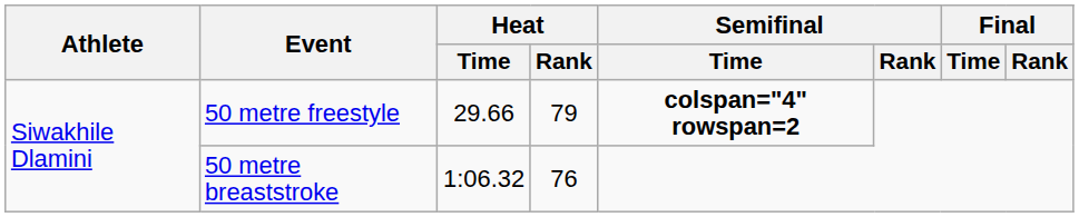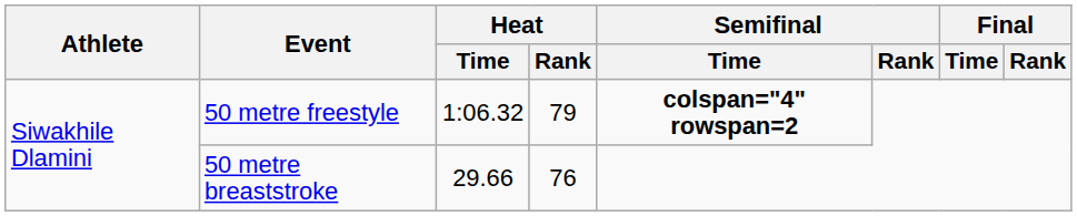 <table class="wikitable" style="text-align:center; font-size:90%; width:50%;">
 <tr>
 <th rowspan="2">Athlete</th>
 <th rowspan="2">Event</th>
 <th colspan="2">Heat</th>
 <th colspan="2">Semifinal</th>
 <th colspan="2">Final</th>
 </tr>
 <tr style="font-size:95%">
 <th>Time</th>
 <th>Rank</th>
 <th>Time</th>
 <th>Rank</th>
 <th>Time</th>
 <th>Rank</th>
 </tr>
 <tr>
 <td align=left rowspan=2><a href='#'>Siwakhile Dlamini</a></td>
 <td align=left><a href='#'>50 metre freestyle</a></td>
-<td>29.66</td>
+<td>1:06.32</td>
 <td>79</td>
 <td><strong>colspan="4" rowspan=2 </strong></td>
 </tr>
 <tr>
 <td align=left><a href='#'>50 metre breaststroke</a></td>
-<td>1:06.32</td>
+<td>29.66</td>
 <td>76</td>
 </tr>
 </table>
